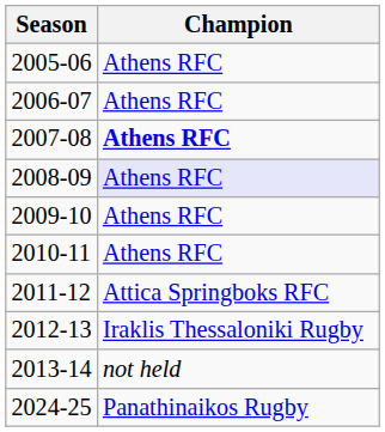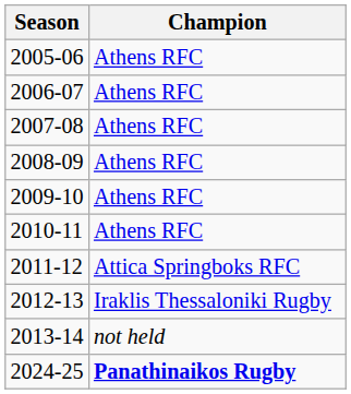 <table class="wikitable" style="text-align:left;margin-left:1em;">
 <tr>
 <th>Season</th>
 <th width="180">Champion</th>
 </tr>
 <tr>
 <td>2005-06</td>
 <td><a href='#'>Athens RFC</a></td>
 </tr>
 <tr>
 <td>2006-07</td>
 <td><a href='#'>Athens RFC</a></td>
 </tr>
 <tr>
 <td>2007-08</td>
-<td><strong><a href='#'>Athens RFC</a></strong></td>
+<td><a href='#'>Athens RFC</a></td>
 </tr>
 <tr>
 <td>2008-09</td>
-<td style="background: lavender;"><a href='#'>Athens RFC</a></td>
+<td><a href='#'>Athens RFC</a></td>
 </tr>
 <tr>
 <td>2009-10</td>
 <td><a href='#'>Athens RFC</a></td>
 </tr>
 <tr>
 <td>2010-11</td>
 <td><a href='#'>Athens RFC</a></td>
 </tr>
 <tr>
 <td>2011-12</td>
 <td><a href='#'>Attica Springboks RFC</a></td>
 </tr>
 <tr>
 <td>2012-13</td>
 <td><a href='#'>Iraklis Thessaloniki Rugby</a></td>
 </tr>
 <tr>
 <td>2013-14</td>
 <td><em>not held</em></td>
 </tr>
 <tr>
 <td>2024-25</td>
-<td><a href='#'>Panathinaikos Rugby</a></td>
+<td><strong><a href='#'>Panathinaikos Rugby</a></strong></td>
 </tr>
 </table>
